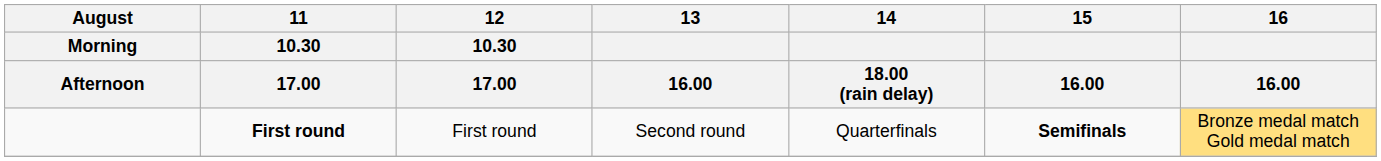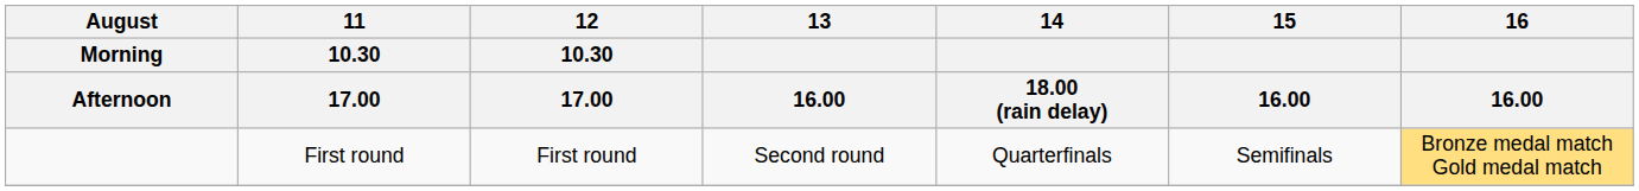 <table class="wikitable" style="text-align:center">
 <tr>
 <th width=10%>August</th>
 <th width=10%>11</th>
 <th width=10%>12</th>
 <th width=10%>13</th>
 <th width=10%>14</th>
 <th width=10%>15</th>
 <th width=10%>16</th>
 </tr>
 <tr>
 <th>Morning</th>
 <th>10.30</th>
 <th>10.30</th>
 <th></th>
 <th></th>
 <th></th>
 <th></th>
 </tr>
 <tr>
 <th>Afternoon</th>
 <th>17.00</th>
 <th>17.00</th>
 <th>16.00</th>
 <th>18.00<br><strong>(rain delay)</strong></th>
 <th>16.00</th>
 <th>16.00</th>
 </tr>
 <tr>
 <td></td>
-<td><strong>First round</strong></td>
+<td>First round</td>
 <td>First round</td>
 <td>Second round</td>
 <td>Quarterfinals</td>
-<td><strong>Semifinals</strong></td>
+<td>Semifinals</td>
 <td bgcolor="FFDF80">Bronze medal match<br>Gold medal match</td>
 </tr>
 <tr>
 </tr>
 </table>
